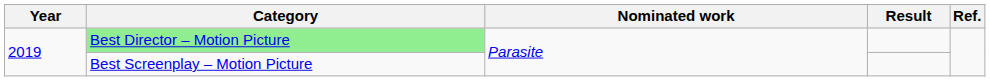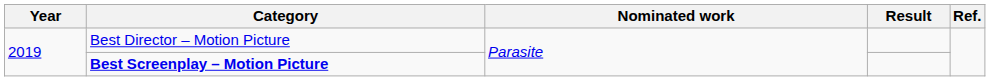 <table class=wikitable>
 <tr>
 <th scope="col" style="width:5em;">Year</th>
 <th scope="col" style="width:26em;">Category</th>
 <th scope="col" style="width:25em;">Nominated work</th>
 <th scope="col" style="width:5em;">Result</th>
 <th>Ref.</th>
 </tr>
 <tr>
 <td rowspan="2"><a href='#'>2019</a></td>
-<td style="background: lightgreen;"><a href='#'>Best Director – Motion Picture</a></td>
+<td><a href='#'>Best Director – Motion Picture</a></td>
 <td rowspan="2"><em><a href='#'>Parasite</a></em></td>
 <td></td>
 <td rowspan="2"></td>
 </tr>
 <tr>
-<td><a href='#'>Best Screenplay – Motion Picture</a></td>
+<td><strong><a href='#'>Best Screenplay – Motion Picture</a></strong></td>
 <td></td>
 </tr>
 </table>
